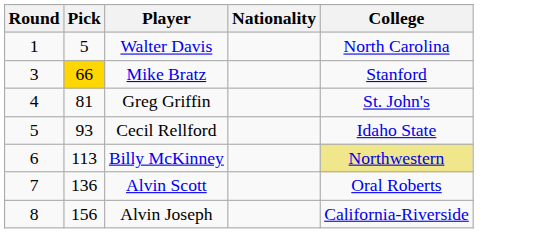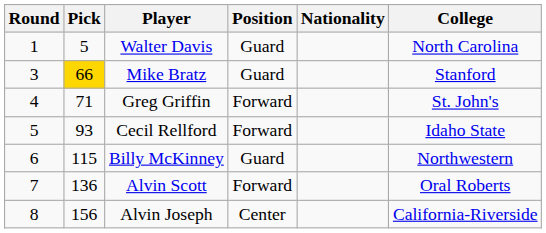 <table class="wikitable sortable sortable">
 <tr>
 <th>Round</th>
 <th>Pick</th>
 <th>Player</th>
+<th>Position</th>
 <th>Nationality</th>
 <th>College</th>
 </tr>
 <tr style="text-align: center">
 <td>1</td>
 <td>5</td>
 <td><a href='#'>Walter Davis</a></td>
+<td>Guard</td>
 <td></td>
 <td><a href='#'>North Carolina</a></td>
 </tr>
 <tr style="text-align: center">
 <td>3</td>
 <td style="background: gold;">66</td>
 <td><a href='#'>Mike Bratz</a></td>
+<td>Guard</td>
 <td></td>
 <td><a href='#'>Stanford</a></td>
 </tr>
 <tr style="text-align: center">
 <td>4</td>
-<td>81</td>
+<td>71</td>
 <td>Greg Griffin</td>
+<td>Forward</td>
 <td></td>
 <td><a href='#'>St. John's</a></td>
 </tr>
 <tr style="text-align: center">
 <td>5</td>
 <td>93</td>
 <td>Cecil Rellford</td>
+<td>Forward</td>
 <td></td>
 <td><a href='#'>Idaho State</a></td>
 </tr>
 <tr style="text-align: center">
 <td>6</td>
-<td>113</td>
+<td>115</td>
 <td><a href='#'>Billy McKinney</a></td>
+<td>Guard</td>
 <td></td>
-<td style="background: khaki;"><a href='#'>Northwestern</a></td>
+<td><a href='#'>Northwestern</a></td>
 </tr>
 <tr style="text-align: center">
 <td>7</td>
 <td>136</td>
 <td><a href='#'>Alvin Scott</a></td>
+<td>Forward</td>
 <td></td>
 <td><a href='#'>Oral Roberts</a></td>
 </tr>
 <tr style="text-align: center">
 <td>8</td>
 <td>156</td>
 <td>Alvin Joseph</td>
+<td>Center</td>
 <td></td>
 <td><a href='#'>California-Riverside</a></td>
 </tr>
 </table>
